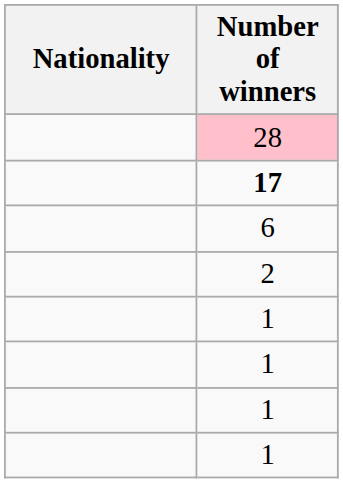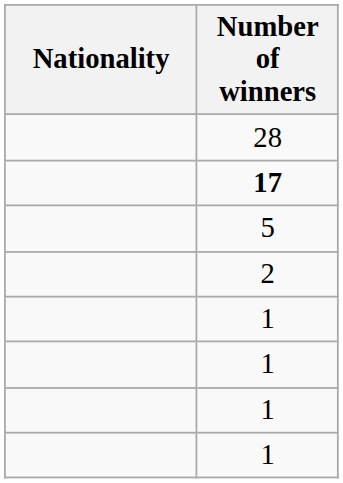 <table class="sortable wikitable" width=30%>
 <tr bgcolor="#efefef">
 <th ! width=8%>Nationality</th>
 <th width=5%>Number of winners</th>
 </tr>
 <tr>
 <td></td>
-<td align=center style="background: pink;">28</td>
+<td align=center>28</td>
 </tr>
 <tr>
 <td></td>
 <td align=center><strong>17</strong></td>
 </tr>
 <tr>
 <td></td>
-<td align=center>6</td>
+<td align=center>5</td>
 </tr>
 <tr>
 <td></td>
 <td align=center>2</td>
 </tr>
 <tr>
 <td></td>
 <td align=center>1</td>
 </tr>
 <tr>
 <td></td>
 <td align=center>1</td>
 </tr>
 <tr>
 <td></td>
 <td align=center>1</td>
 </tr>
 <tr>
 <td></td>
 <td align=center>1</td>
 </tr>
 </table>
